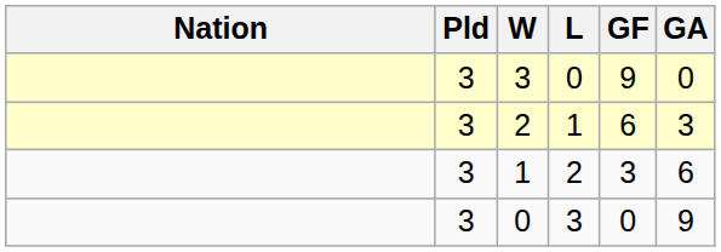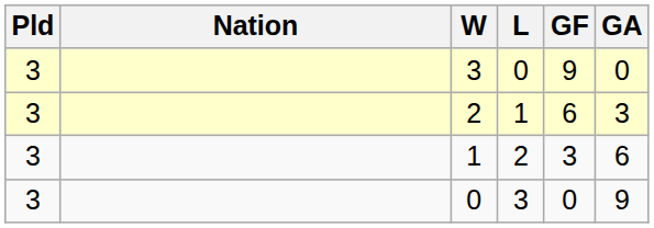 <table class=wikitable style="text-align:center">
 <tr>
+<th width=20]]>Pld</th>
 <th width=220]]>Nation</th>
-<th width=20]]>Pld</th>
 <th width=20>W</th>
 <th width=20]]>L</th>
 <th width=20]]>GF</th>
 <th width=20]]>GA</th>
 </tr>
 <tr bgcolor=#ffffcc>
+<td>3</td>
 <td align=left></td>
-<td>3</td>
 <td>3</td>
 <td>0</td>
 <td>9</td>
 <td>0</td>
 </tr>
 <tr bgcolor=#ffffcc>
+<td>3</td>
 <td align=left></td>
-<td>3</td>
 <td>2</td>
 <td>1</td>
 <td>6</td>
 <td>3</td>
 </tr>
 <tr>
+<td>3</td>
 <td align=left></td>
-<td>3</td>
 <td>1</td>
 <td>2</td>
 <td>3</td>
 <td>6</td>
 </tr>
 <tr>
+<td>3</td>
 <td align=left></td>
-<td>3</td>
 <td>0</td>
 <td>3</td>
 <td>0</td>
 <td>9</td>
 </tr>
 </table>
